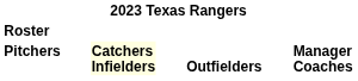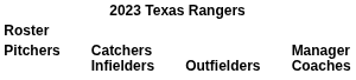 <table class="toccolours" style="font-size: 95%;">
 <tr>
 <th colspan="10">2023 Texas Rangers</th>
 </tr>
 <tr>
 <td colspan="10"><strong>Roster</strong></td>
 </tr>
 <tr>
 <td valign="top"><strong>Pitchers</strong><br>                           </td>
 <td style="width:25px;"></td>
-<td valign="top" style="background: lightyellow;"><strong>Catchers</strong><br>     <strong>Infielders</strong>        </td>
+<td valign="top"><strong>Catchers</strong><br>     <strong>Infielders</strong>        </td>
 <td width="25px"></td>
 <td valign="top"><br><strong>Outfielders</strong>       </td>
 <td style="width:25px;"></td>
 <td valign="top"><strong>Manager</strong><br> <strong>Coaches</strong>                  </td>
 </tr>
 </table>
